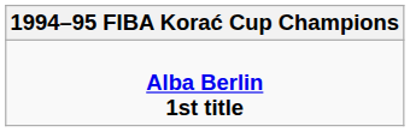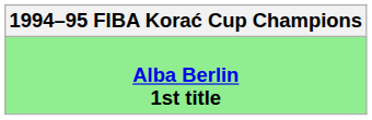 <table class=wikitable style="text-align:center; margin:auto">
 <tr>
 <th>1994–95 FIBA Korać Cup Champions</th>
 </tr>
 <tr>
-<td><br> <strong><a href='#'>Alba Berlin</a></strong> <br> <strong>1st title</strong></td>
+<td style="background: lightgreen;"><br> <strong><a href='#'>Alba Berlin</a></strong> <br> <strong>1st title</strong></td>
 </tr>
 </table>
